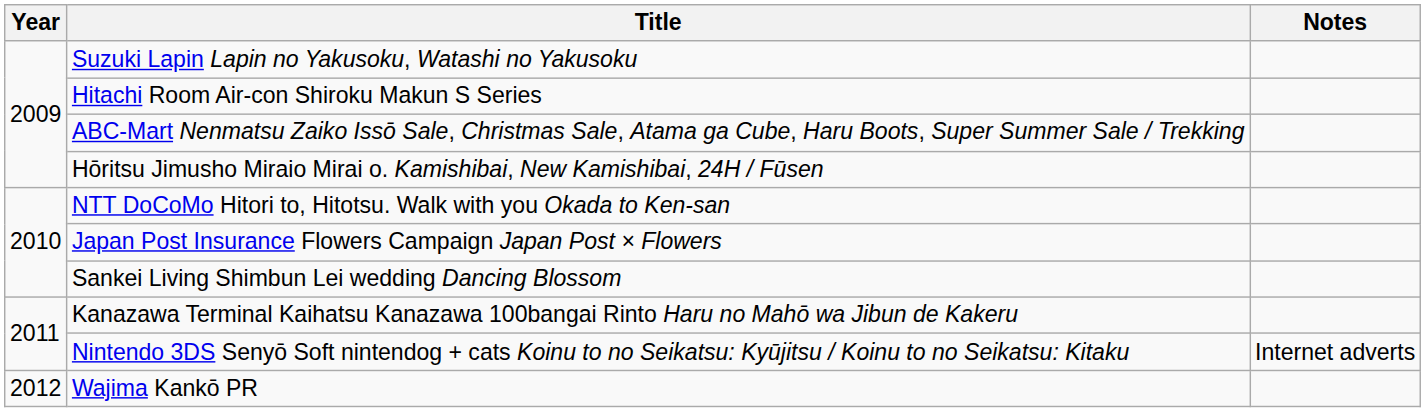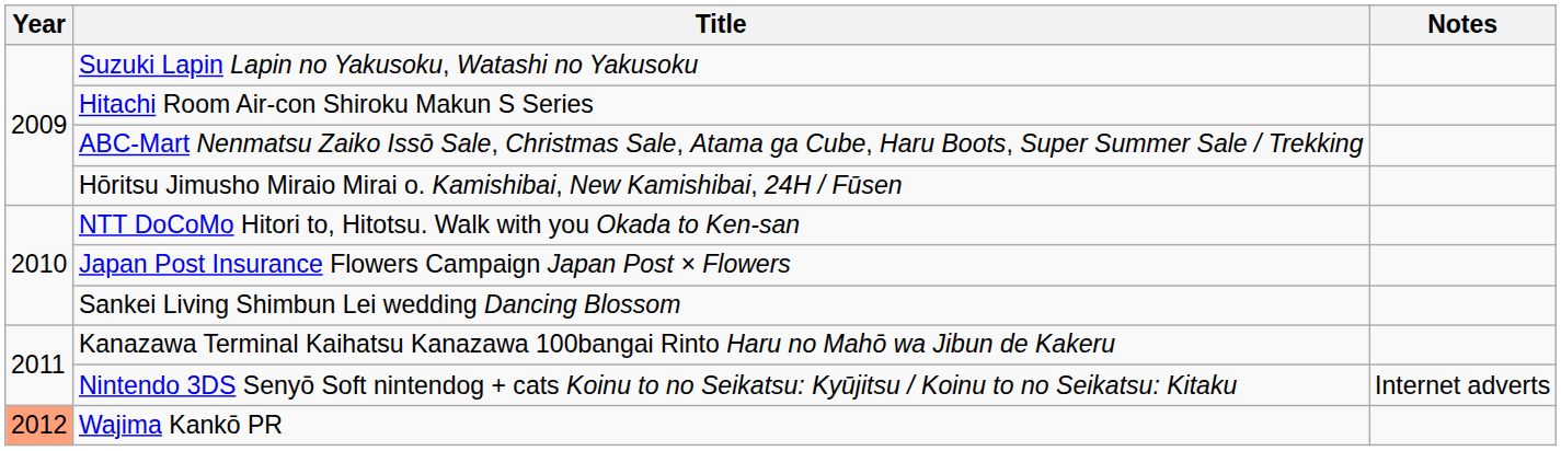 <table class="wikitable">
 <tr>
 <th>Year</th>
 <th>Title</th>
 <th>Notes</th>
 </tr>
 <tr>
 <td rowspan="4">2009</td>
 <td><a href='#'>Suzuki Lapin</a> <em>Lapin no Yakusoku</em>, <em>Watashi no Yakusoku</em></td>
 <td></td>
 </tr>
 <tr>
 <td><a href='#'>Hitachi</a> Room Air-con Shiroku Makun S Series</td>
 <td></td>
 </tr>
 <tr>
 <td><a href='#'>ABC-Mart</a> <em>Nenmatsu Zaiko Issō Sale</em>, <em>Christmas Sale</em>, <em>Atama ga Cube</em>, <em>Haru Boots</em>, <em>Super Summer Sale / Trekking</em></td>
 <td></td>
 </tr>
 <tr>
 <td>Hōritsu Jimusho Miraio Mirai o. <em>Kamishibai</em>, <em>New Kamishibai</em>, <em>24H / Fūsen</em></td>
 <td></td>
 </tr>
 <tr>
 <td rowspan="3">2010</td>
 <td><a href='#'>NTT DoCoMo</a> Hitori to, Hitotsu. Walk with you <em>Okada to Ken-san</em></td>
 <td></td>
 </tr>
 <tr>
 <td><a href='#'>Japan Post Insurance</a> Flowers Campaign <em>Japan Post × Flowers</em></td>
 <td></td>
 </tr>
 <tr>
 <td>Sankei Living Shimbun Lei wedding <em>Dancing Blossom</em></td>
 <td></td>
 </tr>
 <tr>
 <td rowspan="2">2011</td>
 <td>Kanazawa Terminal Kaihatsu Kanazawa 100bangai Rinto <em>Haru no Mahō wa Jibun de Kakeru</em></td>
 <td></td>
 </tr>
 <tr>
 <td><a href='#'>Nintendo 3DS</a> Senyō Soft nintendog + cats <em>Koinu to no Seikatsu: Kyūjitsu / Koinu to no Seikatsu: Kitaku</em></td>
 <td>Internet adverts</td>
 </tr>
 <tr>
-<td>2012</td>
+<td style="background: lightsalmon;">2012</td>
 <td><a href='#'>Wajima</a> Kankō PR</td>
 <td></td>
 </tr>
 </table>
